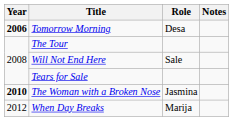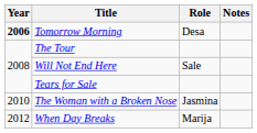 <table class="wikitable sortable">
 <tr>
 <th>Year</th>
 <th>Title</th>
 <th>Role</th>
 <th class="unsortable">Notes</th>
 </tr>
 <tr>
 <td><strong>2006</strong></td>
 <td><em><a href='#'>Tomorrow Morning</a></em></td>
 <td>Desa</td>
 <td></td>
 </tr>
 <tr>
 <td rowspan=3>2008</td>
 <td><em><a href='#'>The Tour</a></em></td>
 <td></td>
 <td></td>
 </tr>
 <tr>
 <td><em><a href='#'>Will Not End Here</a></em></td>
 <td>Sale</td>
 <td></td>
 </tr>
 <tr>
 <td><em><a href='#'>Tears for Sale</a></em></td>
 <td></td>
 <td></td>
 </tr>
 <tr>
-<td><strong>2010</strong></td>
+<td>2010</td>
 <td><em><a href='#'>The Woman with a Broken Nose</a></em></td>
 <td>Jasmina</td>
 <td></td>
 </tr>
 <tr>
 <td>2012</td>
 <td><em><a href='#'>When Day Breaks</a></em></td>
 <td>Marija</td>
 <td></td>
 </tr>
 </table>
